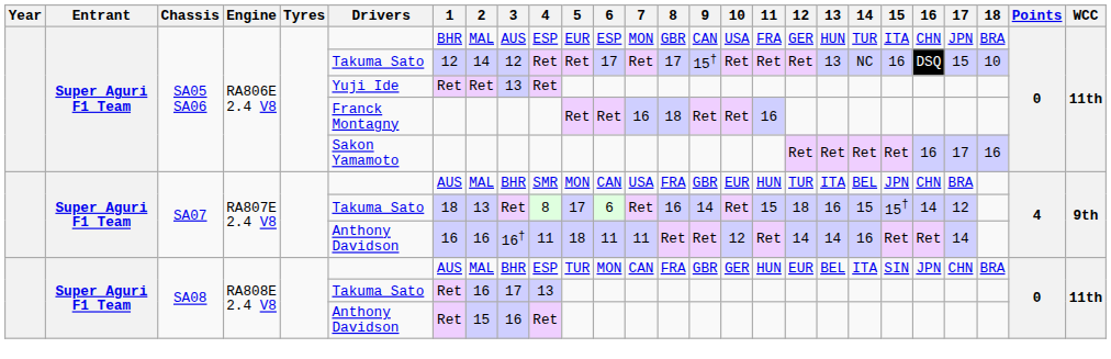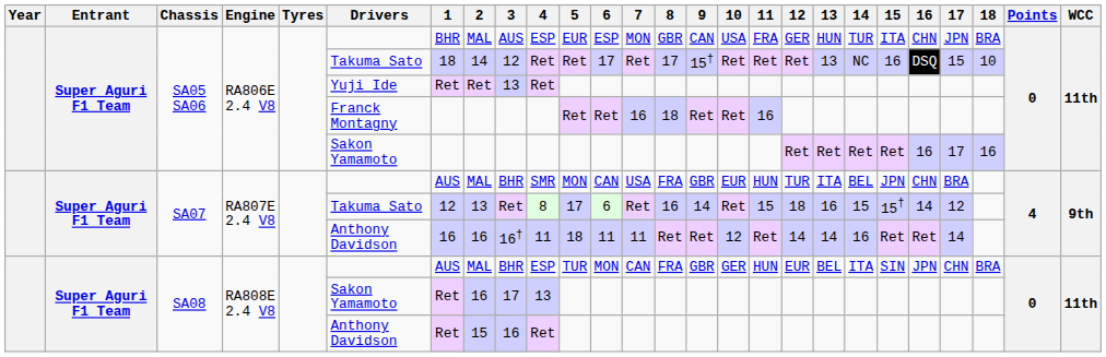 <table class="wikitable" style="text-align:center; font-size:85%">
 <tr>
 <th>Year</th>
 <th>Entrant</th>
 <th>Chassis</th>
 <th>Engine</th>
 <th>Tyres</th>
 <th>Drivers</th>
 <th>1</th>
 <th>2</th>
 <th>3</th>
 <th>4</th>
 <th>5</th>
 <th>6</th>
 <th>7</th>
 <th>8</th>
 <th>9</th>
 <th>10</th>
 <th>11</th>
 <th>12</th>
 <th>13</th>
 <th>14</th>
 <th>15</th>
 <th>16</th>
 <th>17</th>
 <th>18</th>
 <th><a href='#'>Points</a></th>
 <th>WCC</th>
 </tr>
 <tr>
 <th rowspan=5></th>
 <th rowspan=5><a href='#'>Super Aguri F1 Team</a></th>
 <td rowspan=5><a href='#'>SA05</a><br><a href='#'>SA06</a></td>
 <td rowspan=5>RA806E<br>2.4 <a href='#'>V8</a></td>
 <td rowspan=5></td>
 <td></td>
 <td><a href='#'>BHR</a></td>
 <td><a href='#'>MAL</a></td>
 <td><a href='#'>AUS</a></td>
 <td><a href='#'>ESP</a></td>
 <td><a href='#'>EUR</a></td>
 <td><a href='#'>ESP</a></td>
 <td><a href='#'>MON</a></td>
 <td><a href='#'>GBR</a></td>
 <td><a href='#'>CAN</a></td>
 <td><a href='#'>USA</a></td>
 <td><a href='#'>FRA</a></td>
 <td><a href='#'>GER</a></td>
 <td><a href='#'>HUN</a></td>
 <td><a href='#'>TUR</a></td>
 <td><a href='#'>ITA</a></td>
 <td><a href='#'>CHN</a></td>
 <td><a href='#'>JPN</a></td>
 <td><a href='#'>BRA</a></td>
 <th rowspan=5>0</th>
 <th rowspan=5>11th</th>
 </tr>
 <tr>
 <td align="left"> <a href='#'>Takuma Sato</a></td>
-<td style="background:#cfcfff;">12</td>
+<td style="background:#cfcfff;">18</td>
 <td style="background:#cfcfff;">14</td>
 <td style="background:#cfcfff;">12</td>
 <td style="background:#efcfff;">Ret</td>
 <td style="background:#efcfff;">Ret</td>
 <td style="background:#cfcfff;">17</td>
 <td style="background:#efcfff;">Ret</td>
 <td style="background:#cfcfff;">17</td>
 <td style="background:#cfcfff;">15<sup>†</sup></td>
 <td style="background:#efcfff;">Ret</td>
 <td style="background:#efcfff;">Ret</td>
 <td style="background:#efcfff;">Ret</td>
 <td style="background:#cfcfff;">13</td>
 <td style="background:#cfcfff;">NC</td>
 <td style="background:#cfcfff;">16</td>
 <td style="background:#000; color:white;">DSQ</td>
 <td style="background:#cfcfff;">15</td>
 <td style="background:#cfcfff;">10</td>
 </tr>
 <tr>
 <td align="left"> <a href='#'>Yuji Ide</a></td>
 <td style="background:#efcfff;">Ret</td>
 <td style="background:#efcfff;">Ret</td>
 <td style="background:#cfcfff;">13</td>
 <td style="background:#efcfff;">Ret</td>
 <td></td>
 <td></td>
 <td></td>
 <td></td>
 <td></td>
 <td></td>
 <td></td>
 <td></td>
 <td></td>
 <td></td>
 <td></td>
 <td></td>
 <td></td>
 <td></td>
 </tr>
 <tr>
 <td align="left"> <a href='#'>Franck Montagny</a></td>
 <td></td>
 <td></td>
 <td></td>
 <td></td>
 <td style="background:#efcfff;">Ret</td>
 <td style="background:#efcfff;">Ret</td>
 <td style="background:#cfcfff;">16</td>
 <td style="background:#cfcfff;">18</td>
 <td style="background:#efcfff;">Ret</td>
 <td style="background:#efcfff;">Ret</td>
 <td style="background:#cfcfff;">16</td>
 <td></td>
 <td></td>
 <td></td>
 <td></td>
 <td></td>
 <td></td>
 <td></td>
 </tr>
 <tr>
 <td align="left"> <a href='#'>Sakon Yamamoto</a></td>
 <td></td>
 <td></td>
 <td></td>
 <td></td>
 <td></td>
 <td></td>
 <td></td>
 <td></td>
 <td></td>
 <td></td>
 <td></td>
 <td style="background:#efcfff;">Ret</td>
 <td style="background:#efcfff;">Ret</td>
 <td style="background:#efcfff;">Ret</td>
 <td style="background:#efcfff;">Ret</td>
 <td style="background:#cfcfff;">16</td>
 <td style="background:#cfcfff;">17</td>
 <td style="background:#cfcfff;">16</td>
 </tr>
 <tr>
 <th rowspan=3></th>
 <th rowspan=3><a href='#'>Super Aguri F1 Team</a></th>
 <td rowspan=3><a href='#'>SA07</a></td>
 <td rowspan=3>RA807E<br>2.4 <a href='#'>V8</a></td>
 <td rowspan=3></td>
 <td></td>
 <td><a href='#'>AUS</a></td>
 <td><a href='#'>MAL</a></td>
 <td><a href='#'>BHR</a></td>
 <td><a href='#'>SMR</a></td>
 <td><a href='#'>MON</a></td>
 <td><a href='#'>CAN</a></td>
 <td><a href='#'>USA</a></td>
 <td><a href='#'>FRA</a></td>
 <td><a href='#'>GBR</a></td>
 <td><a href='#'>EUR</a></td>
 <td><a href='#'>HUN</a></td>
 <td><a href='#'>TUR</a></td>
 <td><a href='#'>ITA</a></td>
 <td><a href='#'>BEL</a></td>
 <td><a href='#'>JPN</a></td>
 <td><a href='#'>CHN</a></td>
 <td><a href='#'>BRA</a></td>
 <td></td>
 <th rowspan=3>4</th>
 <th rowspan=3>9th</th>
 </tr>
 <tr>
 <td align="left"> <a href='#'>Takuma Sato</a></td>
-<td style="background:#cfcfff;">18</td>
+<td style="background:#cfcfff;">12</td>
 <td style="background:#cfcfff;">13</td>
 <td style="background:#efcfff;">Ret</td>
 <td style="background:#dfffdf;">8</td>
 <td style="background:#cfcfff;">17</td>
 <td style="background:#dfffdf;">6</td>
 <td style="background:#efcfff;">Ret</td>
 <td style="background:#cfcfff;">16</td>
 <td style="background:#cfcfff;">14</td>
 <td style="background:#efcfff;">Ret</td>
 <td style="background:#cfcfff;">15</td>
 <td style="background:#cfcfff;">18</td>
 <td style="background:#cfcfff;">16</td>
 <td style="background:#cfcfff;">15</td>
 <td style="background:#cfcfff;">15<sup>†</sup></td>
 <td style="background:#cfcfff;">14</td>
 <td style="background:#cfcfff;">12</td>
 <td></td>
 </tr>
 <tr>
 <td align="left"> <a href='#'>Anthony Davidson</a></td>
 <td style="background:#cfcfff;">16</td>
 <td style="background:#cfcfff;">16</td>
 <td style="background:#cfcfff;">16<sup>†</sup></td>
 <td style="background:#cfcfff;">11</td>
 <td style="background:#cfcfff;">18</td>
 <td style="background:#cfcfff;">11</td>
 <td style="background:#cfcfff;">11</td>
 <td style="background:#efcfff;">Ret</td>
 <td style="background:#efcfff;">Ret</td>
 <td style="background:#cfcfff;">12</td>
 <td style="background:#efcfff;">Ret</td>
 <td style="background:#cfcfff;">14</td>
 <td style="background:#cfcfff;">14</td>
 <td style="background:#cfcfff;">16</td>
 <td style="background:#efcfff;">Ret</td>
 <td style="background:#efcfff;">Ret</td>
 <td style="background:#cfcfff;">14</td>
 <td></td>
 </tr>
 <tr>
 <th rowspan=3></th>
 <th rowspan=3><a href='#'>Super Aguri F1 Team</a></th>
 <td rowspan=3><a href='#'>SA08</a></td>
 <td rowspan=3>RA808E<br>2.4 <a href='#'>V8</a></td>
 <td rowspan=3></td>
 <td></td>
 <td><a href='#'>AUS</a></td>
 <td><a href='#'>MAL</a></td>
 <td><a href='#'>BHR</a></td>
 <td><a href='#'>ESP</a></td>
 <td><a href='#'>TUR</a></td>
 <td><a href='#'>MON</a></td>
 <td><a href='#'>CAN</a></td>
 <td><a href='#'>FRA</a></td>
 <td><a href='#'>GBR</a></td>
 <td><a href='#'>GER</a></td>
 <td><a href='#'>HUN</a></td>
 <td><a href='#'>EUR</a></td>
 <td><a href='#'>BEL</a></td>
 <td><a href='#'>ITA</a></td>
 <td><a href='#'>SIN</a></td>
 <td><a href='#'>JPN</a></td>
 <td><a href='#'>CHN</a></td>
 <td><a href='#'>BRA</a></td>
 <th rowspan=3>0</th>
 <th rowspan=3>11th</th>
 </tr>
 <tr>
-<td align="left"> <a href='#'>Takuma Sato</a></td>
+<td align="left"> <a href='#'>Sakon Yamamoto</a></td>
 <td style="background:#efcfff;">Ret</td>
 <td style="background:#cfcfff;">16</td>
 <td style="background:#cfcfff;">17</td>
 <td style="background:#cfcfff;">13</td>
 <td></td>
 <td></td>
 <td></td>
 <td></td>
 <td></td>
 <td></td>
 <td></td>
 <td></td>
 <td></td>
 <td></td>
 <td></td>
 <td></td>
 <td></td>
 <td></td>
 </tr>
 <tr>
 <td align="left"> <a href='#'>Anthony Davidson</a></td>
 <td style="background:#efcfff;">Ret</td>
 <td style="background:#cfcfff;">15</td>
 <td style="background:#cfcfff;">16</td>
 <td style="background:#efcfff;">Ret</td>
 <td></td>
 <td></td>
 <td></td>
 <td></td>
 <td></td>
 <td></td>
 <td></td>
 <td></td>
 <td></td>
 <td></td>
 <td></td>
 <td></td>
 <td></td>
 <td></td>
 </tr>
 </table>
